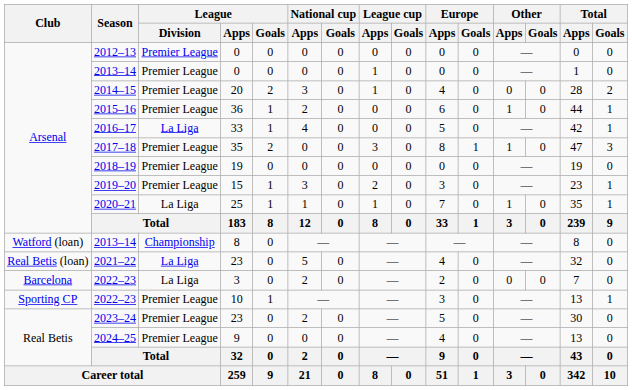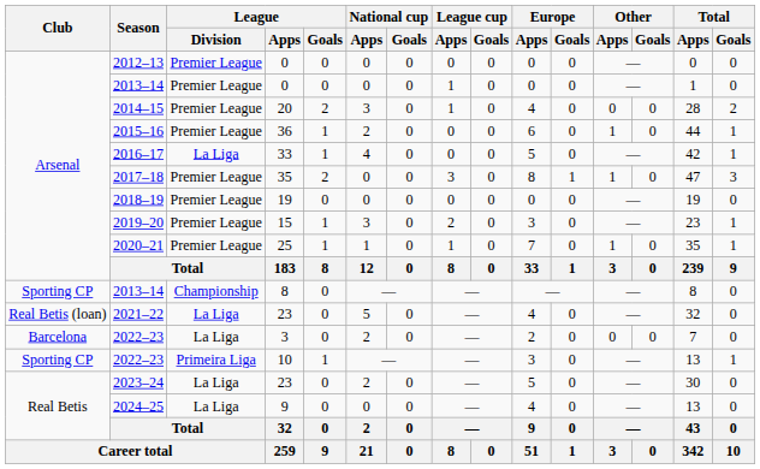 <table class="wikitable" style="text-align:center">
 <tr>
 <th rowspan="2">Club</th>
 <th rowspan="2">Season</th>
 <th colspan="3">League</th>
 <th colspan="2">National cup</th>
 <th colspan="2">League cup</th>
 <th colspan="2">Europe</th>
 <th colspan="2">Other</th>
 <th colspan="2">Total</th>
 </tr>
 <tr>
 <th>Division</th>
 <th>Apps</th>
 <th>Goals</th>
 <th>Apps</th>
 <th>Goals</th>
 <th>Apps</th>
 <th>Goals</th>
 <th>Apps</th>
 <th>Goals</th>
 <th>Apps</th>
 <th>Goals</th>
 <th>Apps</th>
 <th>Goals</th>
 </tr>
 <tr>
 <td rowspan="10"><a href='#'>Arsenal</a></td>
 <td><a href='#'>2012–13</a></td>
 <td><a href='#'>Premier League</a></td>
 <td>0</td>
 <td>0</td>
 <td>0</td>
 <td>0</td>
 <td>0</td>
 <td>0</td>
 <td>0</td>
 <td>0</td>
 <td colspan="2">—</td>
 <td>0</td>
 <td>0</td>
 </tr>
 <tr>
 <td><a href='#'>2013–14</a></td>
 <td>Premier League</td>
 <td>0</td>
 <td>0</td>
 <td>0</td>
 <td>0</td>
 <td>1</td>
 <td>0</td>
 <td>0</td>
 <td>0</td>
 <td colspan="2">—</td>
 <td>1</td>
 <td>0</td>
 </tr>
 <tr>
 <td><a href='#'>2014–15</a></td>
 <td>Premier League</td>
 <td>20</td>
 <td>2</td>
 <td>3</td>
 <td>0</td>
 <td>1</td>
 <td>0</td>
 <td>4</td>
 <td>0</td>
 <td>0</td>
 <td>0</td>
 <td>28</td>
 <td>2</td>
 </tr>
 <tr>
 <td><a href='#'>2015–16</a></td>
 <td>Premier League</td>
 <td>36</td>
 <td>1</td>
 <td>2</td>
 <td>0</td>
 <td>0</td>
 <td>0</td>
 <td>6</td>
 <td>0</td>
 <td>1</td>
 <td>0</td>
 <td>44</td>
 <td>1</td>
 </tr>
 <tr>
 <td><a href='#'>2016–17</a></td>
 <td><a href='#'>La Liga</a></td>
 <td>33</td>
 <td>1</td>
 <td>4</td>
 <td>0</td>
 <td>0</td>
 <td>0</td>
 <td>5</td>
 <td>0</td>
 <td colspan="2">—</td>
 <td>42</td>
 <td>1</td>
 </tr>
 <tr>
 <td><a href='#'>2017–18</a></td>
 <td>Premier League</td>
 <td>35</td>
 <td>2</td>
 <td>0</td>
 <td>0</td>
 <td>3</td>
 <td>0</td>
 <td>8</td>
 <td>1</td>
 <td>1</td>
 <td>0</td>
 <td>47</td>
 <td>3</td>
 </tr>
 <tr>
 <td><a href='#'>2018–19</a></td>
 <td>Premier League</td>
 <td>19</td>
 <td>0</td>
 <td>0</td>
 <td>0</td>
 <td>0</td>
 <td>0</td>
 <td>0</td>
 <td>0</td>
 <td colspan="2">—</td>
 <td>19</td>
 <td>0</td>
 </tr>
 <tr>
 <td><a href='#'>2019–20</a></td>
 <td>Premier League</td>
 <td>15</td>
 <td>1</td>
 <td>3</td>
 <td>0</td>
 <td>2</td>
 <td>0</td>
 <td>3</td>
 <td>0</td>
 <td colspan="2">—</td>
 <td>23</td>
 <td>1</td>
 </tr>
 <tr>
 <td><a href='#'>2020–21</a></td>
-<td>La Liga</td>
+<td>Premier League</td>
 <td>25</td>
 <td>1</td>
 <td>1</td>
 <td>0</td>
 <td>1</td>
 <td>0</td>
 <td>7</td>
 <td>0</td>
 <td>1</td>
 <td>0</td>
 <td>35</td>
 <td>1</td>
 </tr>
 <tr>
 <th colspan="2">Total</th>
 <th>183</th>
 <th>8</th>
 <th>12</th>
 <th>0</th>
 <th>8</th>
 <th>0</th>
 <th>33</th>
 <th>1</th>
 <th>3</th>
 <th>0</th>
 <th>239</th>
 <th>9</th>
 </tr>
 <tr>
-<td><a href='#'>Watford</a> (loan)</td>
+<td><a href='#'>Sporting CP</a></td>
 <td><a href='#'>2013–14</a></td>
 <td><a href='#'>Championship</a></td>
 <td>8</td>
 <td>0</td>
 <td colspan="2">—</td>
 <td colspan="2">—</td>
 <td colspan="2">—</td>
 <td colspan="2">—</td>
 <td>8</td>
 <td>0</td>
 </tr>
 <tr>
 <td><a href='#'>Real Betis</a> (loan)</td>
 <td><a href='#'>2021–22</a></td>
 <td><a href='#'>La Liga</a></td>
 <td>23</td>
 <td>0</td>
 <td>5</td>
 <td>0</td>
 <td colspan="2">—</td>
 <td>4</td>
 <td>0</td>
 <td colspan="2">—</td>
 <td>32</td>
 <td>0</td>
 </tr>
 <tr>
 <td><a href='#'>Barcelona</a></td>
 <td><a href='#'>2022–23</a></td>
 <td>La Liga</td>
 <td>3</td>
 <td>0</td>
 <td>2</td>
 <td>0</td>
 <td colspan="2">—</td>
 <td>2</td>
 <td>0</td>
 <td>0</td>
 <td>0</td>
 <td>7</td>
 <td>0</td>
 </tr>
 <tr>
 <td><a href='#'>Sporting CP</a></td>
 <td><a href='#'>2022–23</a></td>
-<td>Premier League</td>
+<td><a href='#'>Primeira Liga</a></td>
 <td>10</td>
 <td>1</td>
 <td colspan="2">—</td>
 <td colspan="2">—</td>
 <td>3</td>
 <td>0</td>
 <td colspan="2">—</td>
 <td>13</td>
 <td>1</td>
 </tr>
 <tr>
 <td rowspan="3">Real Betis</td>
 <td><a href='#'>2023–24</a></td>
-<td>Premier League</td>
+<td>La Liga</td>
 <td>23</td>
 <td>0</td>
 <td>2</td>
 <td>0</td>
 <td colspan="2">—</td>
 <td>5</td>
 <td>0</td>
 <td colspan="2">—</td>
 <td>30</td>
 <td>0</td>
 </tr>
 <tr>
 <td><a href='#'>2024–25</a></td>
-<td>Premier League</td>
+<td>La Liga</td>
 <td>9</td>
 <td>0</td>
 <td>0</td>
 <td>0</td>
 <td colspan="2">—</td>
 <td>4</td>
 <td>0</td>
 <td colspan="2">—</td>
 <td>13</td>
 <td>0</td>
 </tr>
 <tr>
 <th colspan="2">Total</th>
 <th>32</th>
 <th>0</th>
 <th>2</th>
 <th>0</th>
 <th colspan="2">—</th>
 <th>9</th>
 <th>0</th>
 <th colspan="2">—</th>
 <th>43</th>
 <th>0</th>
 </tr>
 <tr>
 <th colspan="3">Career total</th>
 <th>259</th>
 <th>9</th>
 <th>21</th>
 <th>0</th>
 <th>8</th>
 <th>0</th>
 <th>51</th>
 <th>1</th>
 <th>3</th>
 <th>0</th>
 <th>342</th>
 <th>10</th>
 </tr>
 </table>
